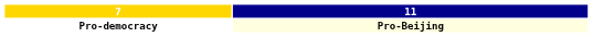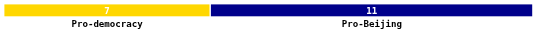 <table style="width:60%; text-align:center;">
 <tr style="color:white;">
 <td style="background:gold; width:39%;"><strong>7</strong></td>
 <td style="background:darkblue; width:61%;"><strong>11</strong></td>
 </tr>
 <tr>
 <td><span><strong>Pro-democracy</strong></span></td>
-<td style="background: lightyellow;"><span><strong>Pro-Beijing</strong></span></td>
+<td><span><strong>Pro-Beijing</strong></span></td>
 </tr>
 </table>
